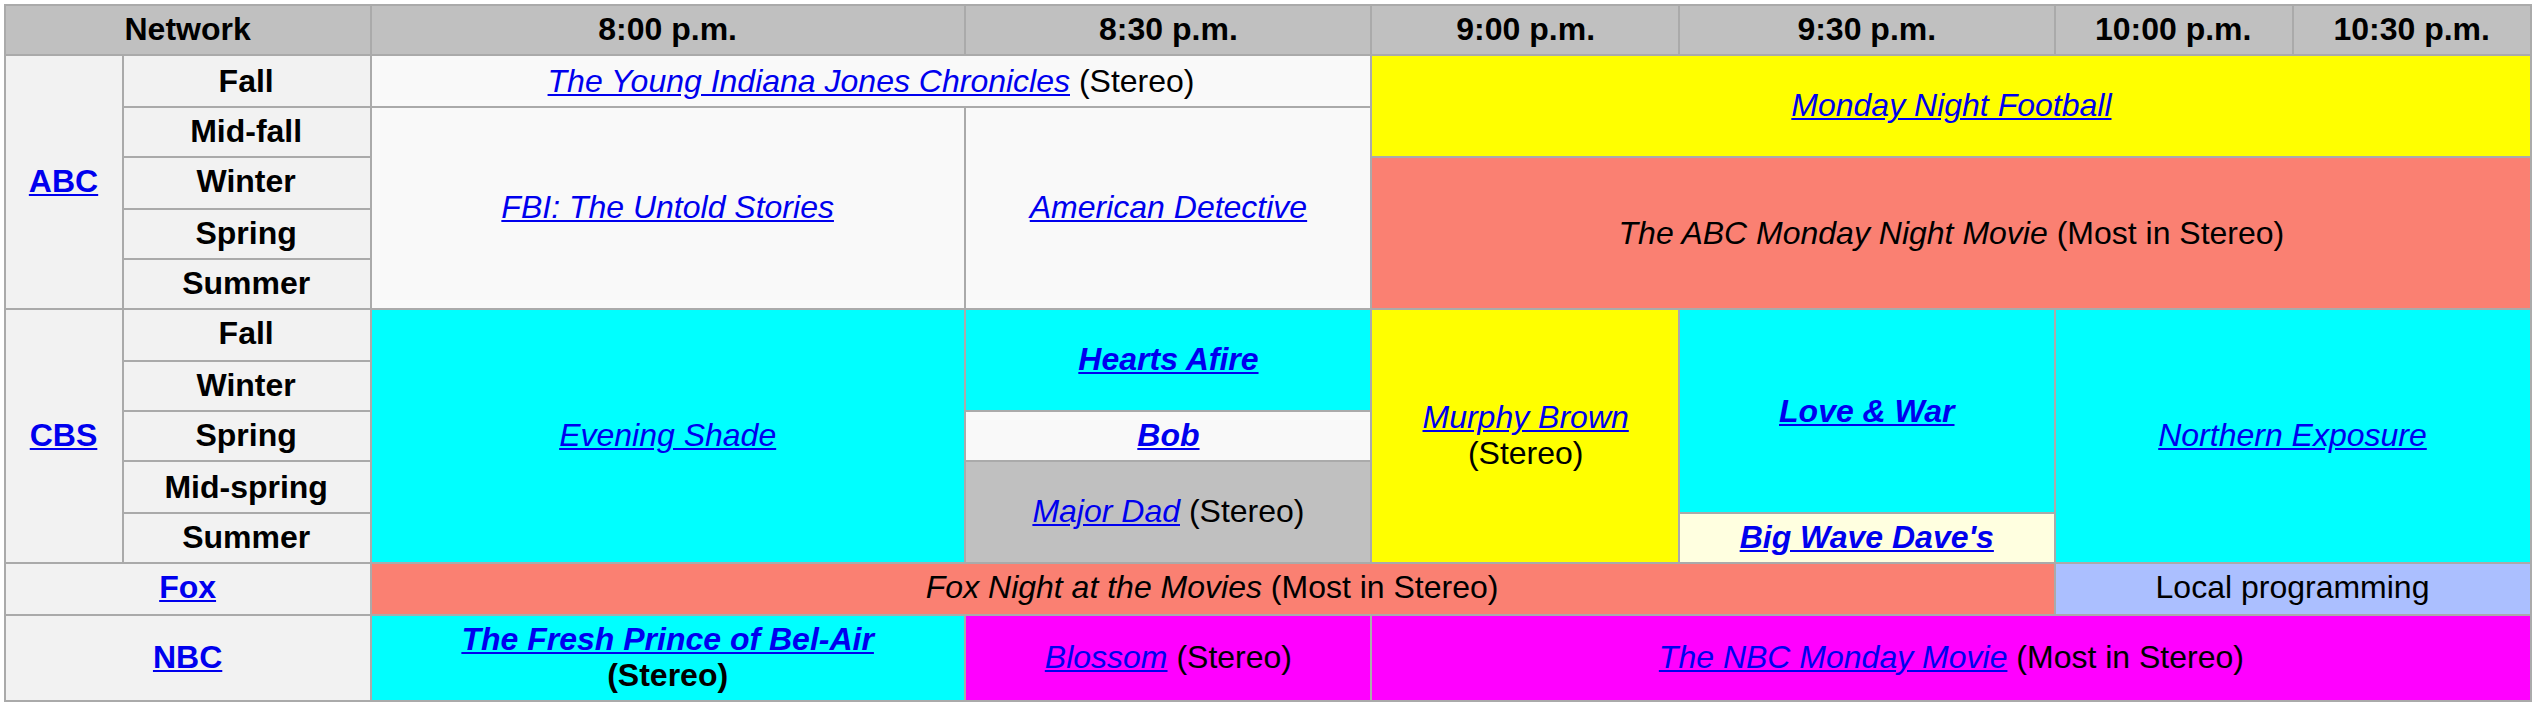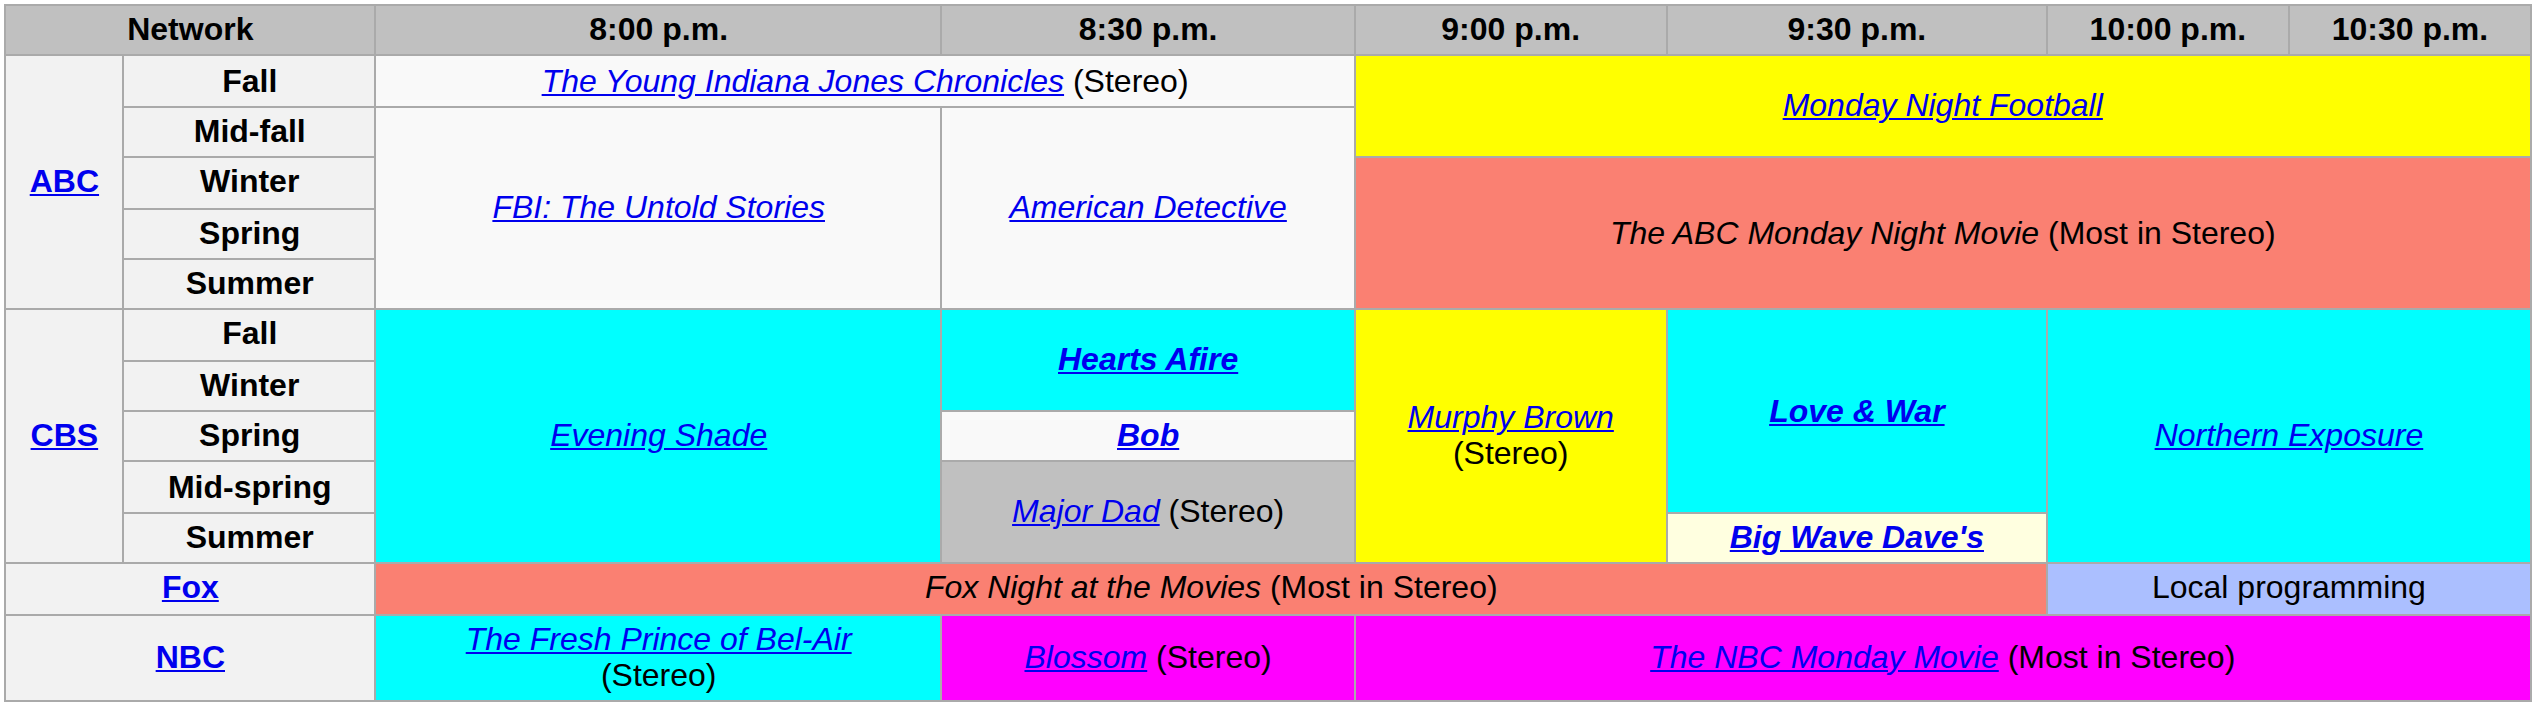 <table class="wikitable" style="width:100%;margin-right:0;text-align:center">
 <tr>
 <th colspan="2" style="background-color:#C0C0C0">Network</th>
 <th style="background-color:#C0C0C0;text-align:center">8:00 p.m.</th>
 <th style="background-color:#C0C0C0;text-align:center">8:30 p.m.</th>
 <th style="background-color:#C0C0C0;text-align:center">9:00 p.m.</th>
 <th style="background-color:#C0C0C0;text-align:center">9:30 p.m.</th>
 <th style="background-color:#C0C0C0;text-align:center">10:00 p.m.</th>
 <th style="background-color:#C0C0C0;text-align:center">10:30 p.m.</th>
 </tr>
 <tr>
 <th rowspan="5"><a href='#'>ABC</a></th>
 <th>Fall</th>
 <td colspan="2"><em><a href='#'>The Young Indiana Jones Chronicles</a></em> (Stereo)</td>
 <td style="background:yellow;" rowspan="2" colspan="4"><em><a href='#'>Monday Night Football</a></em> </td>
 </tr>
 <tr>
 <th>Mid-fall</th>
 <td rowspan="4"><em><a href='#'>FBI: The Untold Stories</a></em></td>
 <td rowspan="4"><em><a href='#'>American Detective</a></em></td>
 </tr>
 <tr>
 <th>Winter</th>
 <td colspan="4" rowspan="3" style="background:#FA8072;"><em>The ABC Monday Night Movie</em> (Most in Stereo)</td>
 </tr>
 <tr>
 <th>Spring</th>
 </tr>
 <tr>
 <th>Summer</th>
 </tr>
 <tr>
 <th rowspan="5"><a href='#'>CBS</a></th>
 <th>Fall</th>
 <td style="background:cyan;" rowspan="5"><em><a href='#'>Evening Shade</a></em> </td>
 <td style="background:cyan;" rowspan="2"><strong><em><a href='#'>Hearts Afire</a></em></strong> </td>
 <td style="background:yellow;" rowspan="5"><em><a href='#'>Murphy Brown</a></em><br>(Stereo) </td>
 <td style="background:cyan;" rowspan="4"><strong><em><a href='#'>Love & War</a></em></strong> </td>
 <td style="background:cyan;" colspan="4" rowspan="5"><em><a href='#'>Northern Exposure</a></em> </td>
 </tr>
 <tr>
 <th>Winter</th>
 </tr>
 <tr>
 <th>Spring</th>
 <td><strong><em><a href='#'>Bob</a></em></strong></td>
 </tr>
 <tr>
 <th>Mid-spring</th>
 <td rowspan="2" style="background:#C0C0C0;"><em><a href='#'>Major Dad</a></em> (Stereo) </td>
 </tr>
 <tr>
 <th>Summer</th>
 <td style="background: lightyellow;"><strong><em><a href='#'>Big Wave Dave's</a></em></strong></td>
 </tr>
 <tr>
 <th colspan="2"><a href='#'>Fox</a></th>
 <td colspan="4" style="background:#FA8072;"><em>Fox Night at the Movies</em> (Most in Stereo)</td>
 <td style="background:#abbfff;" colspan="2">Local programming</td>
 </tr>
 <tr>
 <th colspan="2"><a href='#'>NBC</a></th>
-<td style="background:cyan;"><strong><em><a href='#'>The Fresh Prince of Bel-Air</a></em><br>(Stereo) </strong></td>
+<td style="background:cyan;"><em><a href='#'>The Fresh Prince of Bel-Air</a></em><br>(Stereo) </td>
 <td style="background:magenta;"><em><a href='#'>Blossom</a></em> (Stereo) </td>
 <td style="background:magenta;" colspan="4"><em><a href='#'>The NBC Monday Movie</a></em> (Most in Stereo) </td>
 </tr>
 </table>
